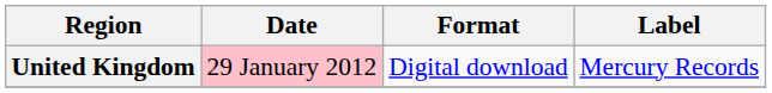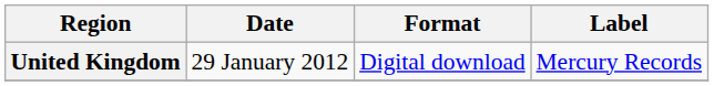 <table class="wikitable plainrowheaders">
 <tr>
 <th scope="col">Region</th>
 <th scope="col">Date</th>
 <th scope="col">Format</th>
 <th scope="col">Label</th>
 </tr>
 <tr>
 <th scope="row">United Kingdom</th>
-<td style="background: pink;">29 January 2012</td>
+<td>29 January 2012</td>
 <td><a href='#'>Digital download</a></td>
 <td><a href='#'>Mercury Records</a></td>
 </tr>
 <tr>
 </tr>
 </table>
